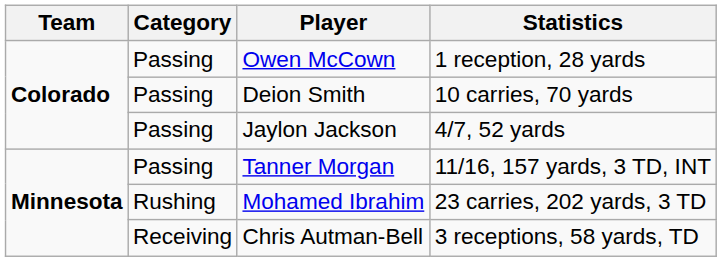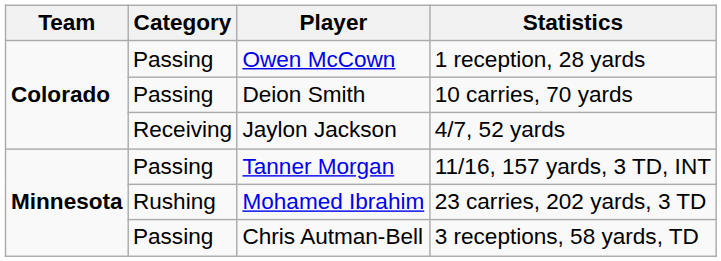 <table class="wikitable" style="float: right;">
 <tr>
 <th>Team</th>
 <th>Category</th>
 <th>Player</th>
 <th>Statistics</th>
 </tr>
 <tr>
 <td rowspan=3><strong>Colorado</strong></td>
 <td>Passing</td>
 <td><a href='#'>Owen McCown</a></td>
 <td>1 reception, 28 yards</td>
 </tr>
 <tr>
 <td>Passing</td>
 <td>Deion Smith</td>
 <td>10 carries, 70 yards</td>
 </tr>
 <tr>
-<td>Passing</td>
+<td>Receiving</td>
 <td>Jaylon Jackson</td>
 <td>4/7, 52 yards</td>
 </tr>
 <tr>
 <td rowspan=3><strong>Minnesota</strong></td>
 <td>Passing</td>
 <td><a href='#'>Tanner Morgan</a></td>
 <td>11/16, 157 yards, 3 TD, INT</td>
 </tr>
 <tr>
 <td>Rushing</td>
 <td><a href='#'>Mohamed Ibrahim</a></td>
 <td>23 carries, 202 yards, 3 TD</td>
 </tr>
 <tr>
-<td>Receiving</td>
+<td>Passing</td>
 <td>Chris Autman-Bell</td>
 <td>3 receptions, 58 yards, TD</td>
 </tr>
 </table>
